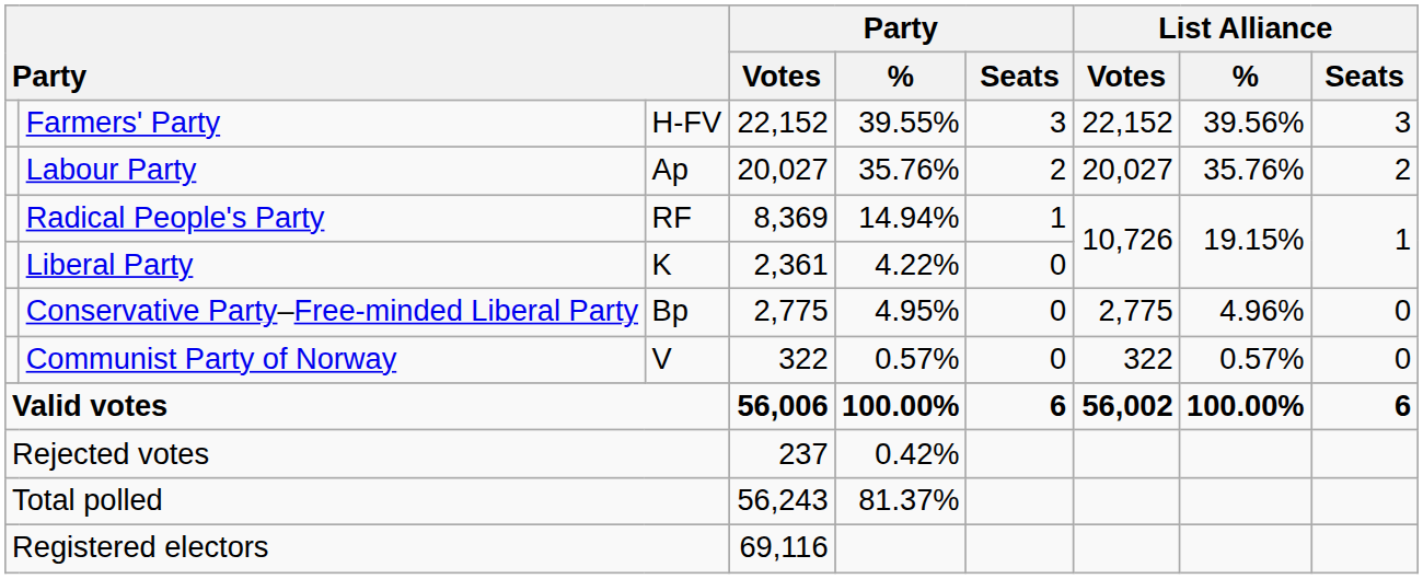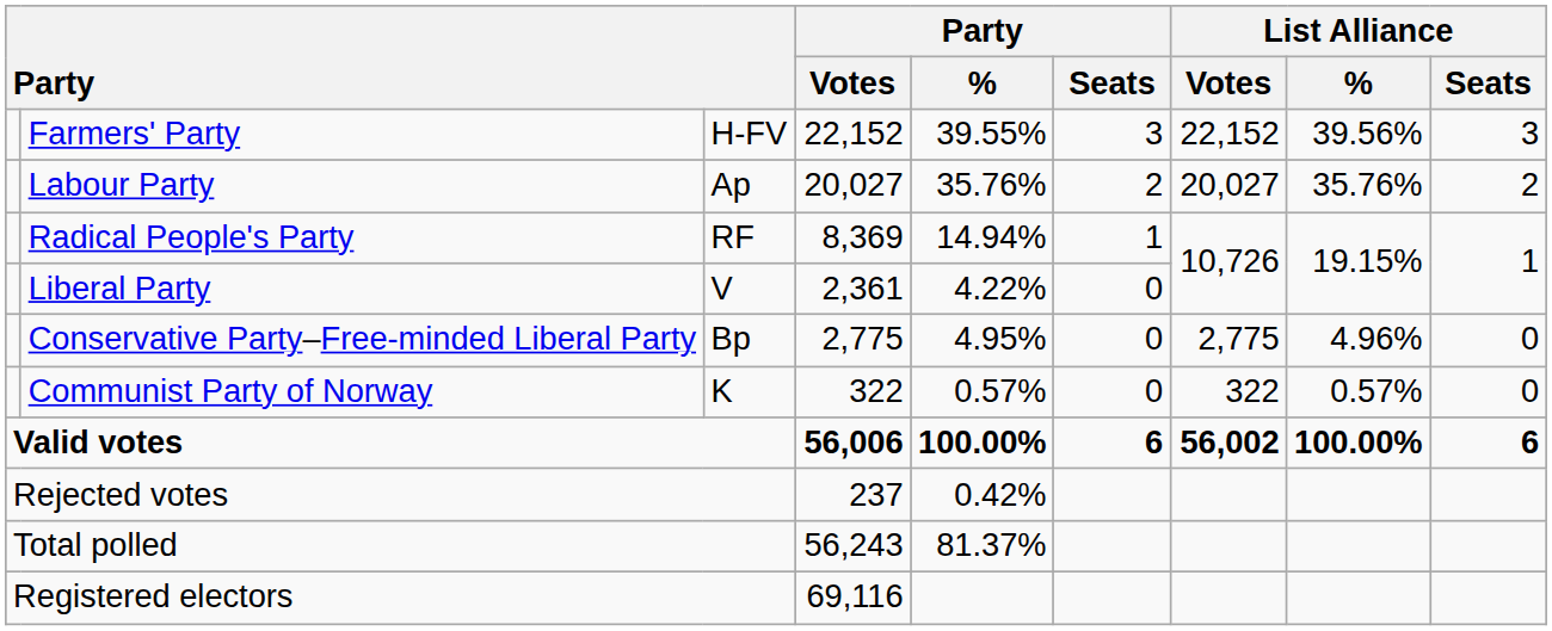 <table class="wikitable" border="1" style="text-align:right;">
 <tr>
 <th style="text-align:left;" valign=bottom rowspan=2 colspan=3>Party</th>
 <th colspan=3>Party</th>
 <th colspan=3>List Alliance</th>
 </tr>
 <tr>
 <th align=center valign=bottom width="50">Votes</th>
 <th align=center valign=bottom width="50">%</th>
 <th align=center valign=bottom width="50">Seats</th>
 <th align=center valign=bottom width="50">Votes</th>
 <th align=center valign=bottom width="50">%</th>
 <th align=center valign=bottom width="50">Seats</th>
 </tr>
 <tr>
 <td style="color:inherit;background:"></td>
 <td align=left><a href='#'>Farmers' Party</a></td>
 <td align=left>H-FV</td>
 <td>22,152</td>
 <td>39.55%</td>
 <td>3</td>
 <td>22,152</td>
 <td>39.56%</td>
 <td>3</td>
 </tr>
 <tr>
 <td style="color:inherit;background:"></td>
 <td align=left><a href='#'>Labour Party</a></td>
 <td align=left>Ap</td>
 <td>20,027</td>
 <td>35.76%</td>
 <td>2</td>
 <td>20,027</td>
 <td>35.76%</td>
 <td>2</td>
 </tr>
 <tr>
 <td></td>
 <td align=left><a href='#'>Radical People's Party</a></td>
 <td align=left>RF</td>
 <td>8,369</td>
 <td>14.94%</td>
 <td>1</td>
 <td rowspan=2>10,726</td>
 <td rowspan=2>19.15%</td>
 <td rowspan=2>1</td>
 </tr>
 <tr>
 <td style="color:inherit;background:"></td>
 <td align=left><a href='#'>Liberal Party</a></td>
-<td align=left>K</td>
+<td align=left>V</td>
 <td>2,361</td>
 <td>4.22%</td>
 <td>0</td>
 </tr>
 <tr>
 <td></td>
 <td align=left><a href='#'>Conservative Party</a>–<a href='#'>Free-minded Liberal Party</a></td>
 <td align=left>Bp</td>
 <td>2,775</td>
 <td>4.95%</td>
 <td>0</td>
 <td>2,775</td>
 <td>4.96%</td>
 <td>0</td>
 </tr>
 <tr>
 <td style="color:inherit;background:"></td>
 <td align=left><a href='#'>Communist Party of Norway</a></td>
-<td align=left>V</td>
+<td align=left>K</td>
 <td>322</td>
 <td>0.57%</td>
 <td>0</td>
 <td>322</td>
 <td>0.57%</td>
 <td>0</td>
 </tr>
 <tr style="font-weight:bold">
 <td align=left colspan=3>Valid votes</td>
 <td>56,006</td>
 <td>100.00%</td>
 <td>6</td>
 <td>56,002</td>
 <td>100.00%</td>
 <td>6</td>
 </tr>
 <tr>
 <td align=left colspan=3>Rejected votes</td>
 <td>237</td>
 <td>0.42%</td>
 <td></td>
 <td></td>
 <td></td>
 <td></td>
 </tr>
 <tr>
 <td align=left colspan=3>Total polled</td>
 <td>56,243</td>
 <td>81.37%</td>
 <td></td>
 <td></td>
 <td></td>
 <td></td>
 </tr>
 <tr>
 <td align=left colspan=3>Registered electors</td>
 <td>69,116</td>
 <td></td>
 <td></td>
 <td></td>
 <td></td>
 <td></td>
 </tr>
 </table>
